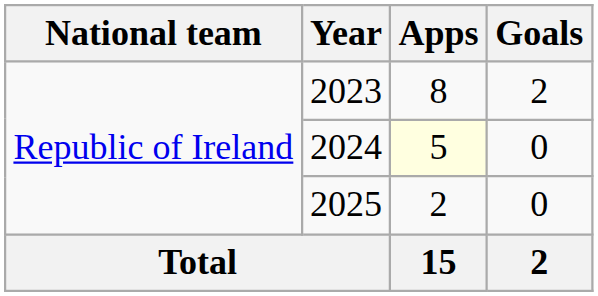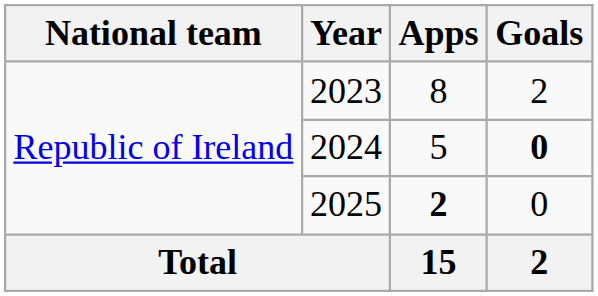 <table class=wikitable style="text-align:center">
 <tr>
 <th>National team</th>
 <th>Year</th>
 <th>Apps</th>
 <th>Goals</th>
 </tr>
 <tr>
 <td rowspan="3"><a href='#'>Republic of Ireland</a></td>
 <td>2023</td>
 <td>8</td>
 <td>2</td>
 </tr>
 <tr>
 <td>2024</td>
-<td style="background: lightyellow;">5</td>
-<td>0</td>
+<td>5</td>
+<td><strong>0</strong></td>
 </tr>
 <tr>
 <td>2025</td>
-<td>2</td>
+<td><strong>2</strong></td>
 <td>0</td>
 </tr>
 <tr>
 <th colspan="2">Total</th>
 <th>15</th>
 <th>2</th>
 </tr>
 </table>
